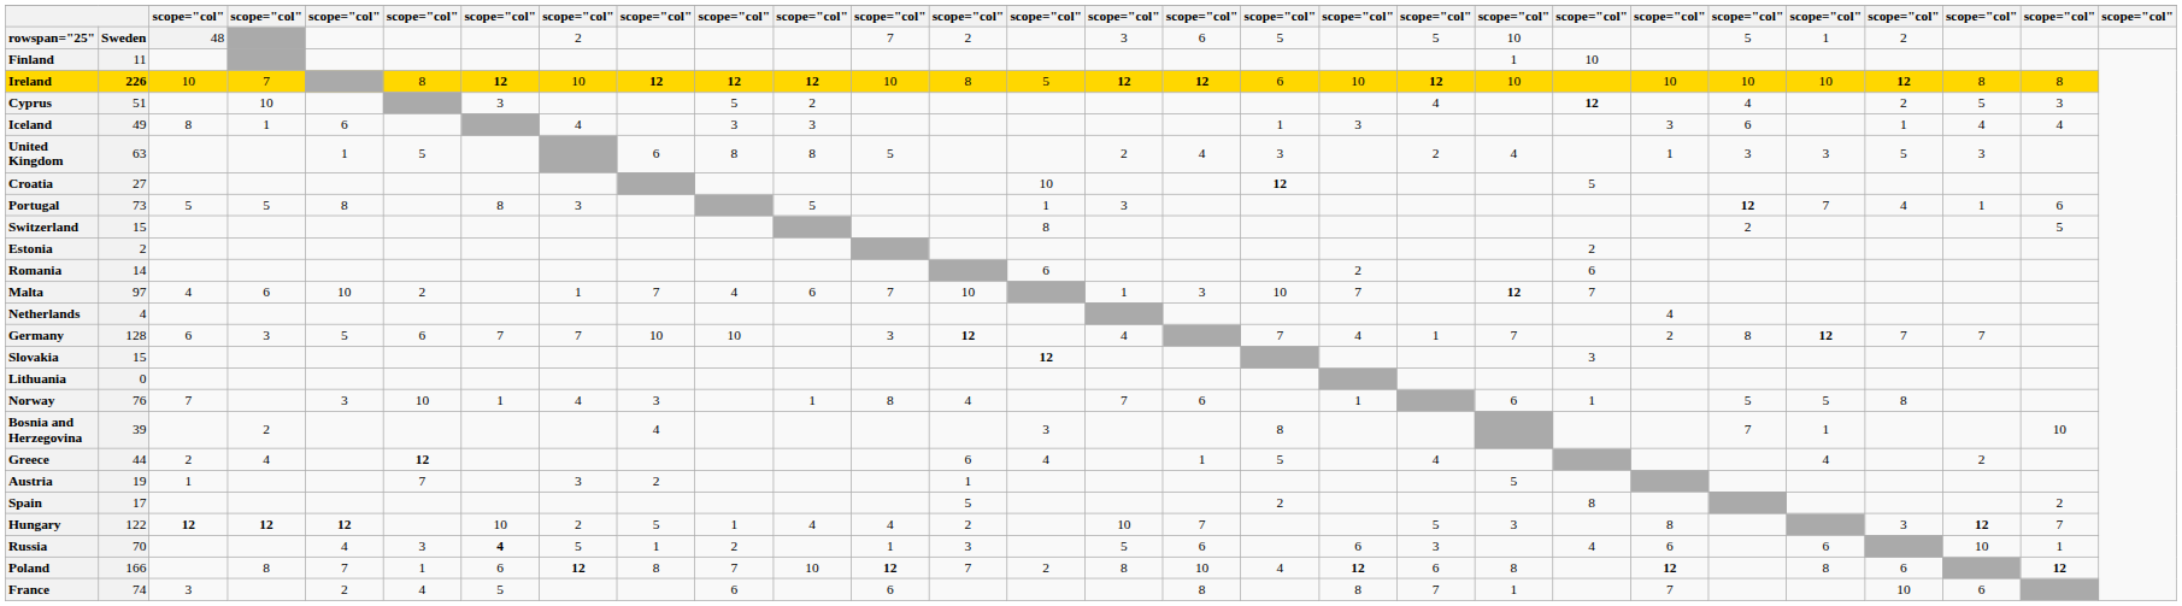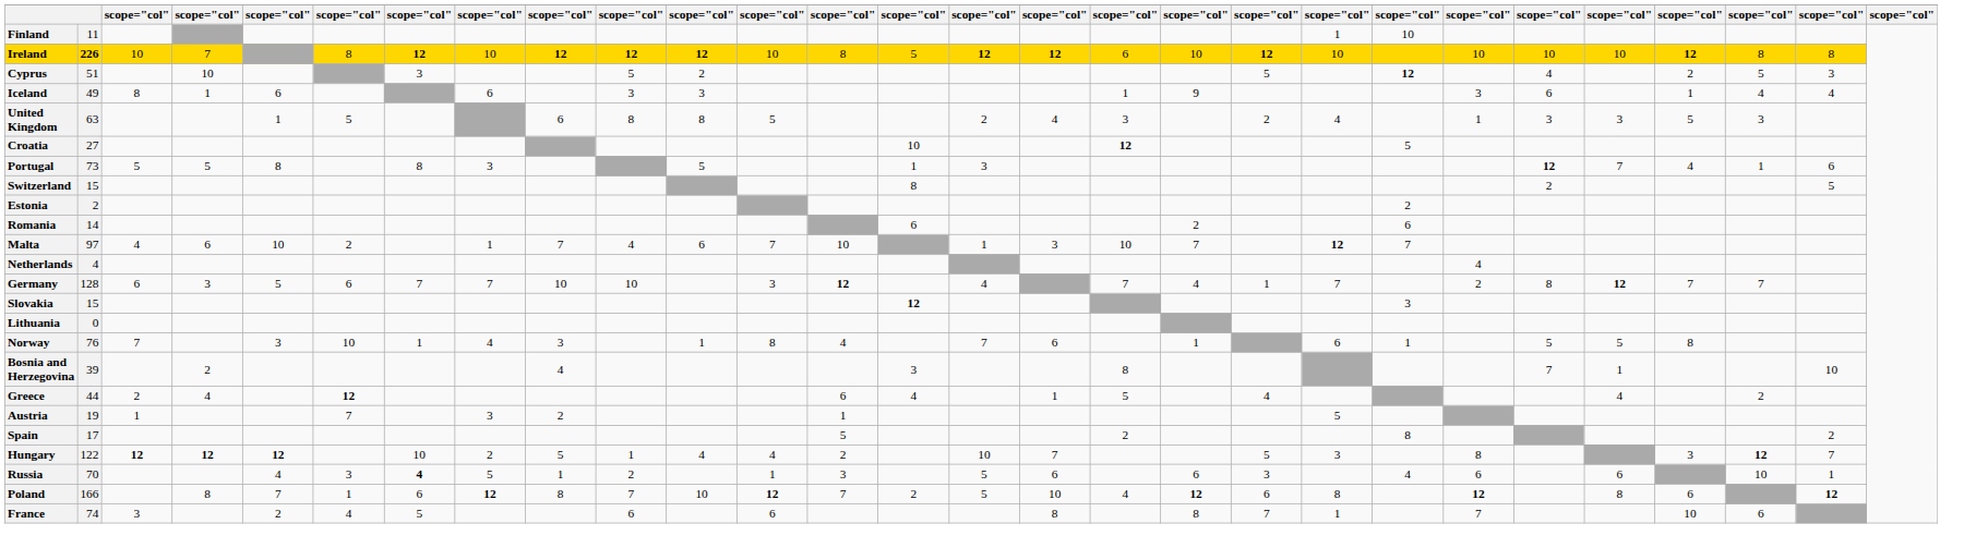 <table class="wikitable plainrowheaders" style="text-align:center;">
 <tr>
 </tr>
 <tr>
 <th colspan="2"></th>
 <th>scope="col" </th>
 <th>scope="col" </th>
 <th>scope="col" </th>
 <th>scope="col" </th>
 <th>scope="col" </th>
 <th>scope="col" </th>
 <th>scope="col" </th>
 <th>scope="col" </th>
 <th>scope="col" </th>
 <th>scope="col" </th>
 <th>scope="col" </th>
 <th>scope="col" </th>
 <th>scope="col" </th>
 <th>scope="col" </th>
 <th>scope="col" </th>
 <th>scope="col" </th>
 <th>scope="col" </th>
 <th>scope="col" </th>
 <th>scope="col" </th>
 <th>scope="col" </th>
 <th>scope="col" </th>
 <th>scope="col" </th>
 <th>scope="col" </th>
 <th>scope="col" </th>
 <th>scope="col" </th>
 <th>scope="col" </th>
-</tr>
-<tr>
-<th>rowspan="25" </th>
-<th scope="row" style="text-align:left; background:#f2f2f2;">Sweden</th>
-<td style="text-align:right; background:#f2f2f2;">48</td>
-<td style="text-align:left; background:#aaa;"></td>
-<td></td>
-<td></td>
-<td></td>
-<td>2</td>
-<td></td>
-<td></td>
-<td></td>
-<td>7</td>
-<td>2</td>
-<td></td>
-<td>3</td>
-<td>6</td>
-<td>5</td>
-<td></td>
-<td>5</td>
-<td>10</td>
-<td></td>
-<td></td>
-<td>5</td>
-<td>1</td>
-<td>2</td>
-<td></td>
-<td></td>
-<td></td>
 </tr>
 <tr>
 <th scope="row" style="text-align:left; background:#f2f2f2;">Finland</th>
 <td style="text-align:right; background:#f2f2f2;">11</td>
 <td></td>
 <td style="text-align:left; background:#aaa;"></td>
 <td></td>
 <td></td>
 <td></td>
 <td></td>
 <td></td>
 <td></td>
 <td></td>
 <td></td>
 <td></td>
 <td></td>
 <td></td>
 <td></td>
 <td></td>
 <td></td>
 <td></td>
 <td>1</td>
 <td>10</td>
 <td></td>
 <td></td>
 <td></td>
 <td></td>
 <td></td>
 <td></td>
 </tr>
 <tr style="background:gold;">
 <th scope="row" style="text-align:left; font-weight:bold; background:gold;">Ireland</th>
 <td style="text-align:right; font-weight:bold;">226</td>
 <td>10</td>
 <td>7</td>
 <td style="text-align:left; background:#aaa;"></td>
 <td>8</td>
 <td><strong>12</strong></td>
 <td>10</td>
 <td><strong>12</strong></td>
 <td><strong>12</strong></td>
 <td><strong>12</strong></td>
 <td>10</td>
 <td>8</td>
 <td>5</td>
 <td><strong>12</strong></td>
 <td><strong>12</strong></td>
 <td>6</td>
 <td>10</td>
 <td><strong>12</strong></td>
 <td>10</td>
 <td></td>
 <td>10</td>
 <td>10</td>
 <td>10</td>
 <td><strong>12</strong></td>
 <td>8</td>
 <td>8</td>
 </tr>
 <tr>
 <th scope="row" style="text-align:left; background:#f2f2f2;">Cyprus</th>
 <td style="text-align:right; background:#f2f2f2;">51</td>
 <td></td>
 <td>10</td>
 <td></td>
 <td style="text-align:left; background:#aaa;"></td>
 <td>3</td>
 <td></td>
 <td></td>
 <td>5</td>
 <td>2</td>
 <td></td>
 <td></td>
 <td></td>
 <td></td>
 <td></td>
 <td></td>
 <td></td>
-<td>4</td>
+<td>5</td>
 <td></td>
 <td><strong>12</strong></td>
 <td></td>
 <td>4</td>
 <td></td>
 <td>2</td>
 <td>5</td>
 <td>3</td>
 </tr>
 <tr>
 <th scope="row" style="text-align:left; background:#f2f2f2;">Iceland</th>
 <td style="text-align:right; background:#f2f2f2;">49</td>
 <td>8</td>
 <td>1</td>
 <td>6</td>
 <td></td>
 <td style="text-align:left; background:#aaa;"></td>
-<td>4</td>
+<td>6</td>
 <td></td>
 <td>3</td>
 <td>3</td>
 <td></td>
 <td></td>
 <td></td>
 <td></td>
 <td></td>
 <td>1</td>
-<td>3</td>
+<td>9</td>
 <td></td>
 <td></td>
 <td></td>
 <td>3</td>
 <td>6</td>
 <td></td>
 <td>1</td>
 <td>4</td>
 <td>4</td>
 </tr>
 <tr>
 <th scope="row" style="text-align:left; background:#f2f2f2;">United Kingdom</th>
 <td style="text-align:right; background:#f2f2f2;">63</td>
 <td></td>
 <td></td>
 <td>1</td>
 <td>5</td>
 <td></td>
 <td style="text-align:left; background:#aaa;"></td>
 <td>6</td>
 <td>8</td>
 <td>8</td>
 <td>5</td>
 <td></td>
 <td></td>
 <td>2</td>
 <td>4</td>
 <td>3</td>
 <td></td>
 <td>2</td>
 <td>4</td>
 <td></td>
 <td>1</td>
 <td>3</td>
 <td>3</td>
 <td>5</td>
 <td>3</td>
 <td></td>
 </tr>
 <tr>
 <th scope="row" style="text-align:left; background:#f2f2f2;">Croatia</th>
 <td style="text-align:right; background:#f2f2f2;">27</td>
 <td></td>
 <td></td>
 <td></td>
 <td></td>
 <td></td>
 <td></td>
 <td style="text-align:left; background:#aaa;"></td>
 <td></td>
 <td></td>
 <td></td>
 <td></td>
 <td>10</td>
 <td></td>
 <td></td>
 <td><strong>12</strong></td>
 <td></td>
 <td></td>
 <td></td>
 <td>5</td>
 <td></td>
 <td></td>
 <td></td>
 <td></td>
 <td></td>
 <td></td>
 </tr>
 <tr>
 <th scope="row" style="text-align:left; background:#f2f2f2;">Portugal</th>
 <td style="text-align:right; background:#f2f2f2;">73</td>
 <td>5</td>
 <td>5</td>
 <td>8</td>
 <td></td>
 <td>8</td>
 <td>3</td>
 <td></td>
 <td style="text-align:left; background:#aaa;"></td>
 <td>5</td>
 <td></td>
 <td></td>
 <td>1</td>
 <td>3</td>
 <td></td>
 <td></td>
 <td></td>
 <td></td>
 <td></td>
 <td></td>
 <td></td>
 <td><strong>12</strong></td>
 <td>7</td>
 <td>4</td>
 <td>1</td>
 <td>6</td>
 </tr>
 <tr>
 <th scope="row" style="text-align:left; background:#f2f2f2;">Switzerland</th>
 <td style="text-align:right; background:#f2f2f2;">15</td>
 <td></td>
 <td></td>
 <td></td>
 <td></td>
 <td></td>
 <td></td>
 <td></td>
 <td></td>
 <td style="text-align:left; background:#aaa;"></td>
 <td></td>
 <td></td>
 <td>8</td>
 <td></td>
 <td></td>
 <td></td>
 <td></td>
 <td></td>
 <td></td>
 <td></td>
 <td></td>
 <td>2</td>
 <td></td>
 <td></td>
 <td></td>
 <td>5</td>
 </tr>
 <tr>
 <th scope="row" style="text-align:left; background:#f2f2f2;">Estonia</th>
 <td style="text-align:right; background:#f2f2f2;">2</td>
 <td></td>
 <td></td>
 <td></td>
 <td></td>
 <td></td>
 <td></td>
 <td></td>
 <td></td>
 <td></td>
 <td style="text-align:left; background:#aaa;"></td>
 <td></td>
 <td></td>
 <td></td>
 <td></td>
 <td></td>
 <td></td>
 <td></td>
 <td></td>
 <td>2</td>
 <td></td>
 <td></td>
 <td></td>
 <td></td>
 <td></td>
 <td></td>
 </tr>
 <tr>
 <th scope="row" style="text-align:left; background:#f2f2f2;">Romania</th>
 <td style="text-align:right; background:#f2f2f2;">14</td>
 <td></td>
 <td></td>
 <td></td>
 <td></td>
 <td></td>
 <td></td>
 <td></td>
 <td></td>
 <td></td>
 <td></td>
 <td style="text-align:left; background:#aaa;"></td>
 <td>6</td>
 <td></td>
 <td></td>
 <td></td>
 <td>2</td>
 <td></td>
 <td></td>
 <td>6</td>
 <td></td>
 <td></td>
 <td></td>
 <td></td>
 <td></td>
 <td></td>
 </tr>
 <tr>
 <th scope="row" style="text-align:left; background:#f2f2f2;">Malta</th>
 <td style="text-align:right; background:#f2f2f2;">97</td>
 <td>4</td>
 <td>6</td>
 <td>10</td>
 <td>2</td>
 <td></td>
 <td>1</td>
 <td>7</td>
 <td>4</td>
 <td>6</td>
 <td>7</td>
 <td>10</td>
 <td style="text-align:left; background:#aaa;"></td>
 <td>1</td>
 <td>3</td>
 <td>10</td>
 <td>7</td>
 <td></td>
 <td><strong>12</strong></td>
 <td>7</td>
 <td></td>
 <td></td>
 <td></td>
 <td></td>
 <td></td>
 <td></td>
 </tr>
 <tr>
 <th scope="row" style="text-align:left; background:#f2f2f2;">Netherlands</th>
 <td style="text-align:right; background:#f2f2f2;">4</td>
 <td></td>
 <td></td>
 <td></td>
 <td></td>
 <td></td>
 <td></td>
 <td></td>
 <td></td>
 <td></td>
 <td></td>
 <td></td>
 <td></td>
 <td style="text-align:left; background:#aaa;"></td>
 <td></td>
 <td></td>
 <td></td>
 <td></td>
 <td></td>
 <td></td>
 <td>4</td>
 <td></td>
 <td></td>
 <td></td>
 <td></td>
 <td></td>
 </tr>
 <tr>
 <th scope="row" style="text-align:left; background:#f2f2f2;">Germany</th>
 <td style="text-align:right; background:#f2f2f2;">128</td>
 <td>6</td>
 <td>3</td>
 <td>5</td>
 <td>6</td>
 <td>7</td>
 <td>7</td>
 <td>10</td>
 <td>10</td>
 <td></td>
 <td>3</td>
 <td><strong>12</strong></td>
 <td></td>
 <td>4</td>
 <td style="text-align:left; background:#aaa;"></td>
 <td>7</td>
 <td>4</td>
 <td>1</td>
 <td>7</td>
 <td></td>
 <td>2</td>
 <td>8</td>
 <td><strong>12</strong></td>
 <td>7</td>
 <td>7</td>
 <td></td>
 </tr>
 <tr>
 <th scope="row" style="text-align:left; background:#f2f2f2;">Slovakia</th>
 <td style="text-align:right; background:#f2f2f2;">15</td>
 <td></td>
 <td></td>
 <td></td>
 <td></td>
 <td></td>
 <td></td>
 <td></td>
 <td></td>
 <td></td>
 <td></td>
 <td></td>
 <td><strong>12</strong></td>
 <td></td>
 <td></td>
 <td style="text-align:left; background:#aaa;"></td>
 <td></td>
 <td></td>
 <td></td>
 <td>3</td>
 <td></td>
 <td></td>
 <td></td>
 <td></td>
 <td></td>
 <td></td>
 </tr>
 <tr>
 <th scope="row" style="text-align:left; background:#f2f2f2;">Lithuania</th>
 <td style="text-align:right; background:#f2f2f2;">0</td>
 <td></td>
 <td></td>
 <td></td>
 <td></td>
 <td></td>
 <td></td>
 <td></td>
 <td></td>
 <td></td>
 <td></td>
 <td></td>
 <td></td>
 <td></td>
 <td></td>
 <td></td>
 <td style="text-align:left; background:#aaa;"></td>
 <td></td>
 <td></td>
 <td></td>
 <td></td>
 <td></td>
 <td></td>
 <td></td>
 <td></td>
 <td></td>
 </tr>
 <tr>
 <th scope="row" style="text-align:left; background:#f2f2f2;">Norway</th>
 <td style="text-align:right; background:#f2f2f2;">76</td>
 <td>7</td>
 <td></td>
 <td>3</td>
 <td>10</td>
 <td>1</td>
 <td>4</td>
 <td>3</td>
 <td></td>
 <td>1</td>
 <td>8</td>
 <td>4</td>
 <td></td>
 <td>7</td>
 <td>6</td>
 <td></td>
 <td>1</td>
 <td style="text-align:left; background:#aaa;"></td>
 <td>6</td>
 <td>1</td>
 <td></td>
 <td>5</td>
 <td>5</td>
 <td>8</td>
 <td></td>
 <td></td>
 </tr>
 <tr>
 <th scope="row" style="text-align:left; background:#f2f2f2;">Bosnia and Herzegovina</th>
 <td style="text-align:right; background:#f2f2f2;">39</td>
 <td></td>
 <td>2</td>
 <td></td>
 <td></td>
 <td></td>
 <td></td>
 <td>4</td>
 <td></td>
 <td></td>
 <td></td>
 <td></td>
 <td>3</td>
 <td></td>
 <td></td>
 <td>8</td>
 <td></td>
 <td></td>
 <td style="text-align:left; background:#aaa;"></td>
 <td></td>
 <td></td>
 <td>7</td>
 <td>1</td>
 <td></td>
 <td></td>
 <td>10</td>
 </tr>
 <tr>
 <th scope="row" style="text-align:left; background:#f2f2f2;">Greece</th>
 <td style="text-align:right; background:#f2f2f2;">44</td>
 <td>2</td>
 <td>4</td>
 <td></td>
 <td><strong>12</strong></td>
 <td></td>
 <td></td>
 <td></td>
 <td></td>
 <td></td>
 <td></td>
 <td>6</td>
 <td>4</td>
 <td></td>
 <td>1</td>
 <td>5</td>
 <td></td>
 <td>4</td>
 <td></td>
 <td style="text-align:left; background:#aaa;"></td>
 <td></td>
 <td></td>
 <td>4</td>
 <td></td>
 <td>2</td>
 <td></td>
 </tr>
 <tr>
 <th scope="row" style="text-align:left; background:#f2f2f2;">Austria</th>
 <td style="text-align:right; background:#f2f2f2;">19</td>
 <td>1</td>
 <td></td>
 <td></td>
 <td>7</td>
 <td></td>
 <td>3</td>
 <td>2</td>
 <td></td>
 <td></td>
 <td></td>
 <td>1</td>
 <td></td>
 <td></td>
 <td></td>
 <td></td>
 <td></td>
 <td></td>
 <td>5</td>
 <td></td>
 <td style="text-align:left; background:#aaa;"></td>
 <td></td>
 <td></td>
 <td></td>
 <td></td>
 <td></td>
 </tr>
 <tr>
 <th scope="row" style="text-align:left; background:#f2f2f2;">Spain</th>
 <td style="text-align:right; background:#f2f2f2;">17</td>
 <td></td>
 <td></td>
 <td></td>
 <td></td>
 <td></td>
 <td></td>
 <td></td>
 <td></td>
 <td></td>
 <td></td>
 <td>5</td>
 <td></td>
 <td></td>
 <td></td>
 <td>2</td>
 <td></td>
 <td></td>
 <td></td>
 <td>8</td>
 <td></td>
 <td style="text-align:left; background:#aaa;"></td>
 <td></td>
 <td></td>
 <td></td>
 <td>2</td>
 </tr>
 <tr>
 <th scope="row" style="text-align:left; background:#f2f2f2;">Hungary</th>
 <td style="text-align:right; background:#f2f2f2;">122</td>
 <td><strong>12</strong></td>
 <td><strong>12</strong></td>
 <td><strong>12</strong></td>
 <td></td>
 <td>10</td>
 <td>2</td>
 <td>5</td>
 <td>1</td>
 <td>4</td>
 <td>4</td>
 <td>2</td>
 <td></td>
 <td>10</td>
 <td>7</td>
 <td></td>
 <td></td>
 <td>5</td>
 <td>3</td>
 <td></td>
 <td>8</td>
 <td></td>
 <td style="text-align:left; background:#aaa;"></td>
 <td>3</td>
 <td><strong>12</strong></td>
 <td>7</td>
 </tr>
 <tr>
 <th scope="row" style="text-align:left; background:#f2f2f2;">Russia</th>
 <td style="text-align:right; background:#f2f2f2;">70</td>
 <td></td>
 <td></td>
 <td>4</td>
 <td>3</td>
 <td><strong>4</strong></td>
 <td>5</td>
 <td>1</td>
 <td>2</td>
 <td></td>
 <td>1</td>
 <td>3</td>
 <td></td>
 <td>5</td>
 <td>6</td>
 <td></td>
 <td>6</td>
 <td>3</td>
 <td></td>
 <td>4</td>
 <td>6</td>
 <td></td>
 <td>6</td>
 <td style="text-align:left; background:#aaa;"></td>
 <td>10</td>
 <td>1</td>
 </tr>
 <tr>
 <th scope="row" style="text-align:left; background:#f2f2f2;">Poland</th>
 <td style="text-align:right; background:#f2f2f2;">166</td>
 <td></td>
 <td>8</td>
 <td>7</td>
 <td>1</td>
 <td>6</td>
 <td><strong>12</strong></td>
 <td>8</td>
 <td>7</td>
 <td>10</td>
 <td><strong>12</strong></td>
 <td>7</td>
 <td>2</td>
-<td>8</td>
+<td>5</td>
 <td>10</td>
 <td>4</td>
 <td><strong>12</strong></td>
 <td>6</td>
 <td>8</td>
 <td></td>
 <td><strong>12</strong></td>
 <td></td>
 <td>8</td>
 <td>6</td>
 <td style="text-align:left; background:#aaa;"></td>
 <td><strong>12</strong></td>
 </tr>
 <tr>
 <th scope="row" style="text-align:left; background:#f2f2f2;">France</th>
 <td style="text-align:right; background:#f2f2f2;">74</td>
 <td>3</td>
 <td></td>
 <td>2</td>
 <td>4</td>
 <td>5</td>
 <td></td>
 <td></td>
 <td>6</td>
 <td></td>
 <td>6</td>
 <td></td>
 <td></td>
 <td></td>
 <td>8</td>
 <td></td>
 <td>8</td>
 <td>7</td>
 <td>1</td>
 <td></td>
 <td>7</td>
 <td></td>
 <td></td>
 <td>10</td>
 <td>6</td>
 <td style="text-align:left; background:#aaa;"></td>
 </tr>
 </table>
